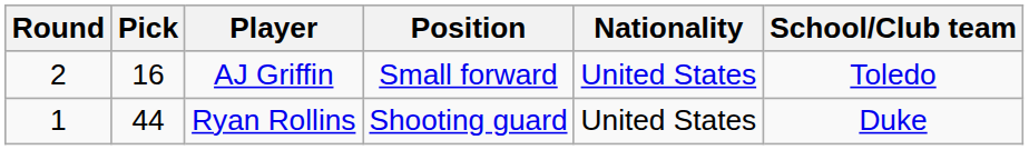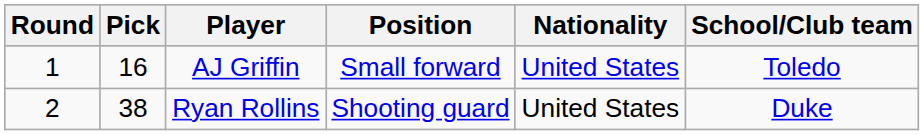 <table class="wikitable sortable sortable">
 <tr>
 <th>Round</th>
 <th>Pick</th>
 <th>Player</th>
 <th>Position</th>
 <th>Nationality</th>
 <th>School/Club team</th>
 </tr>
 <tr style="text-align: center">
-<td>2</td>
+<td>1</td>
 <td>16</td>
 <td><a href='#'>AJ Griffin</a></td>
 <td><a href='#'>Small forward</a></td>
 <td> <a href='#'>United States</a></td>
 <td><a href='#'>Toledo</a></td>
 </tr>
 <tr style="text-align: center">
-<td>1</td>
-<td>44</td>
+<td>2</td>
+<td>38</td>
 <td><a href='#'>Ryan Rollins</a></td>
 <td><a href='#'>Shooting guard</a></td>
 <td> United States</td>
 <td><a href='#'>Duke</a></td>
 </tr>
 </table>
